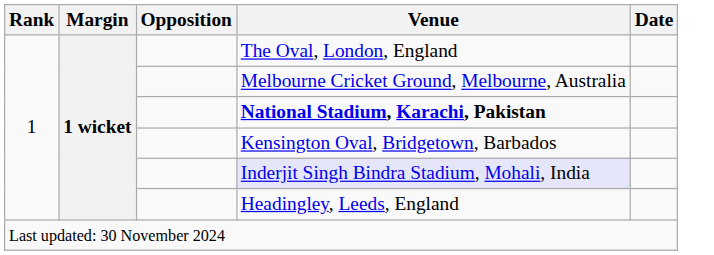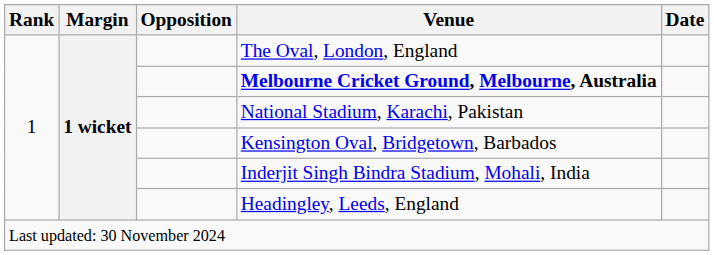 <table class="wikitable plainrowheaders sortable">
 <tr>
 <th scope=col>Rank</th>
 <th scope=col>Margin</th>
 <th scope=col>Opposition</th>
 <th scope=col>Venue</th>
 <th scope=col>Date</th>
 </tr>
 <tr>
 <td align=center rowspan=6>1</td>
 <th scope=row style=text-align:center; rowspan=6>1 wicket</th>
 <td></td>
 <td><a href='#'>The Oval</a>, <a href='#'>London</a>, England</td>
 <td><a href='#'></a></td>
 </tr>
 <tr>
 <td></td>
-<td><a href='#'>Melbourne Cricket Ground</a>, <a href='#'>Melbourne</a>, Australia</td>
+<td><strong><a href='#'>Melbourne Cricket Ground</a>, <a href='#'>Melbourne</a>, Australia</strong></td>
 <td><a href='#'></a></td>
 </tr>
 <tr>
 <td></td>
-<td><strong><a href='#'>National Stadium</a>, <a href='#'>Karachi</a>, Pakistan</strong></td>
+<td><a href='#'>National Stadium</a>, <a href='#'>Karachi</a>, Pakistan</td>
 <td><a href='#'></a></td>
 </tr>
 <tr>
 <td></td>
 <td><a href='#'>Kensington Oval</a>, <a href='#'>Bridgetown</a>, Barbados</td>
 <td><a href='#'></a></td>
 </tr>
 <tr>
 <td></td>
-<td style="background: lavender;"><a href='#'>Inderjit Singh Bindra Stadium</a>, <a href='#'>Mohali</a>, India</td>
+<td><a href='#'>Inderjit Singh Bindra Stadium</a>, <a href='#'>Mohali</a>, India</td>
 <td><a href='#'></a></td>
 </tr>
 <tr>
 <td></td>
 <td><a href='#'>Headingley</a>, <a href='#'>Leeds</a>, England</td>
 <td><a href='#'></a></td>
 </tr>
 <tr class=sortbottom>
 <td colspan=5><small>Last updated: 30 November 2024</small></td>
 </tr>
 </table>
